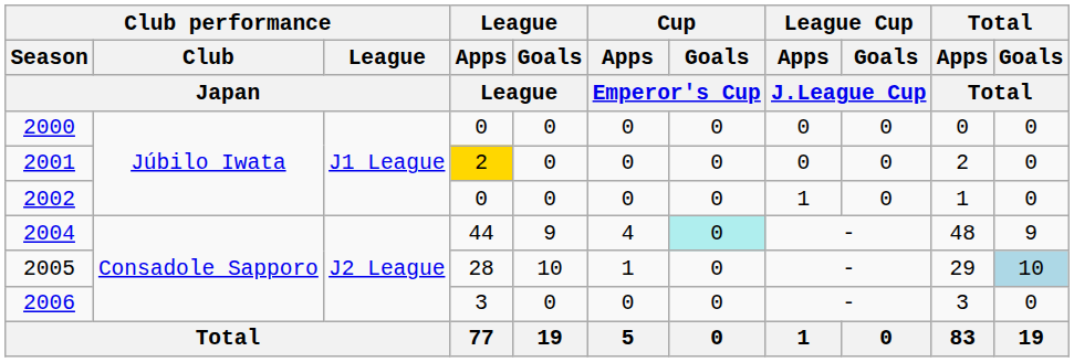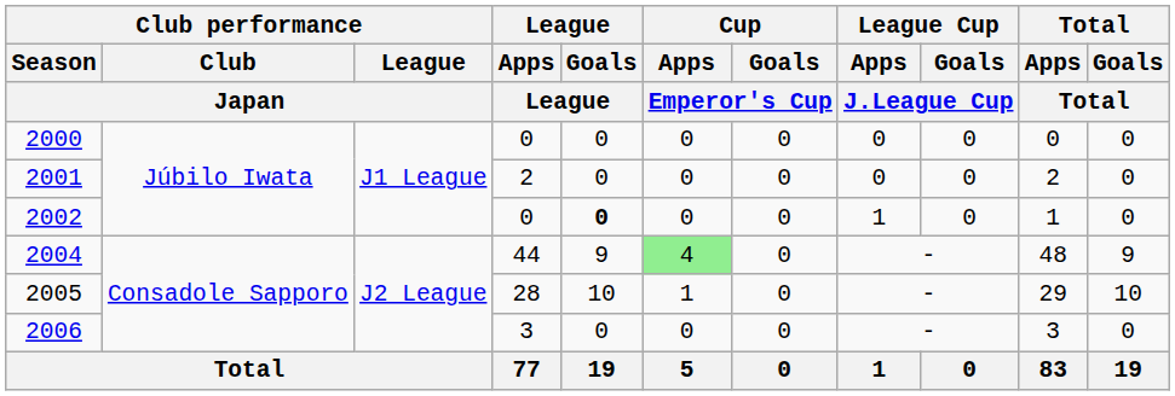 <table class="wikitable" style="text-align:center;">
 <tr>
 <th colspan=3>Club performance</th>
 <th colspan=2>League</th>
 <th colspan=2>Cup</th>
 <th colspan=2>League Cup</th>
 <th colspan=2>Total</th>
 </tr>
 <tr>
 <th>Season</th>
 <th>Club</th>
 <th>League</th>
 <th>Apps</th>
 <th>Goals</th>
 <th>Apps</th>
 <th>Goals</th>
 <th>Apps</th>
 <th>Goals</th>
 <th>Apps</th>
 <th>Goals</th>
 </tr>
 <tr>
 <th colspan=3>Japan</th>
 <th colspan=2>League</th>
 <th colspan=2><a href='#'>Emperor's Cup</a></th>
 <th colspan=2><a href='#'>J.League Cup</a></th>
 <th colspan=2>Total</th>
 </tr>
 <tr>
 <td><a href='#'>2000</a></td>
 <td rowspan="3"><a href='#'>Júbilo Iwata</a></td>
 <td rowspan="3"><a href='#'>J1 League</a></td>
 <td>0</td>
 <td>0</td>
 <td>0</td>
 <td>0</td>
 <td>0</td>
 <td>0</td>
 <td>0</td>
 <td>0</td>
 </tr>
 <tr>
 <td><a href='#'>2001</a></td>
-<td style="background: gold;">2</td>
+<td>2</td>
 <td>0</td>
 <td>0</td>
 <td>0</td>
 <td>0</td>
 <td>0</td>
 <td>2</td>
 <td>0</td>
 </tr>
 <tr>
 <td><a href='#'>2002</a></td>
 <td>0</td>
-<td>0</td>
+<td><strong>0</strong></td>
 <td>0</td>
 <td>0</td>
 <td>1</td>
 <td>0</td>
 <td>1</td>
 <td>0</td>
 </tr>
 <tr>
 <td><a href='#'>2004</a></td>
 <td rowspan="3"><a href='#'>Consadole Sapporo</a></td>
 <td rowspan="3"><a href='#'>J2 League</a></td>
 <td>44</td>
 <td>9</td>
-<td>4</td>
-<td style="background: paleturquoise;">0</td>
+<td style="background: lightgreen;">4</td>
+<td>0</td>
 <td colspan="2">-</td>
 <td>48</td>
 <td>9</td>
 </tr>
 <tr>
 <td>2005</td>
 <td>28</td>
 <td>10</td>
 <td>1</td>
 <td>0</td>
 <td colspan="2">-</td>
 <td>29</td>
-<td style="background: lightblue;">10</td>
+<td>10</td>
 </tr>
 <tr>
 <td><a href='#'>2006</a></td>
 <td>3</td>
 <td>0</td>
 <td>0</td>
 <td>0</td>
 <td colspan="2">-</td>
 <td>3</td>
 <td>0</td>
 </tr>
 <tr>
 <th colspan=3>Total</th>
 <th>77</th>
 <th>19</th>
 <th>5</th>
 <th>0</th>
 <th>1</th>
 <th>0</th>
 <th>83</th>
 <th>19</th>
 </tr>
 </table>
